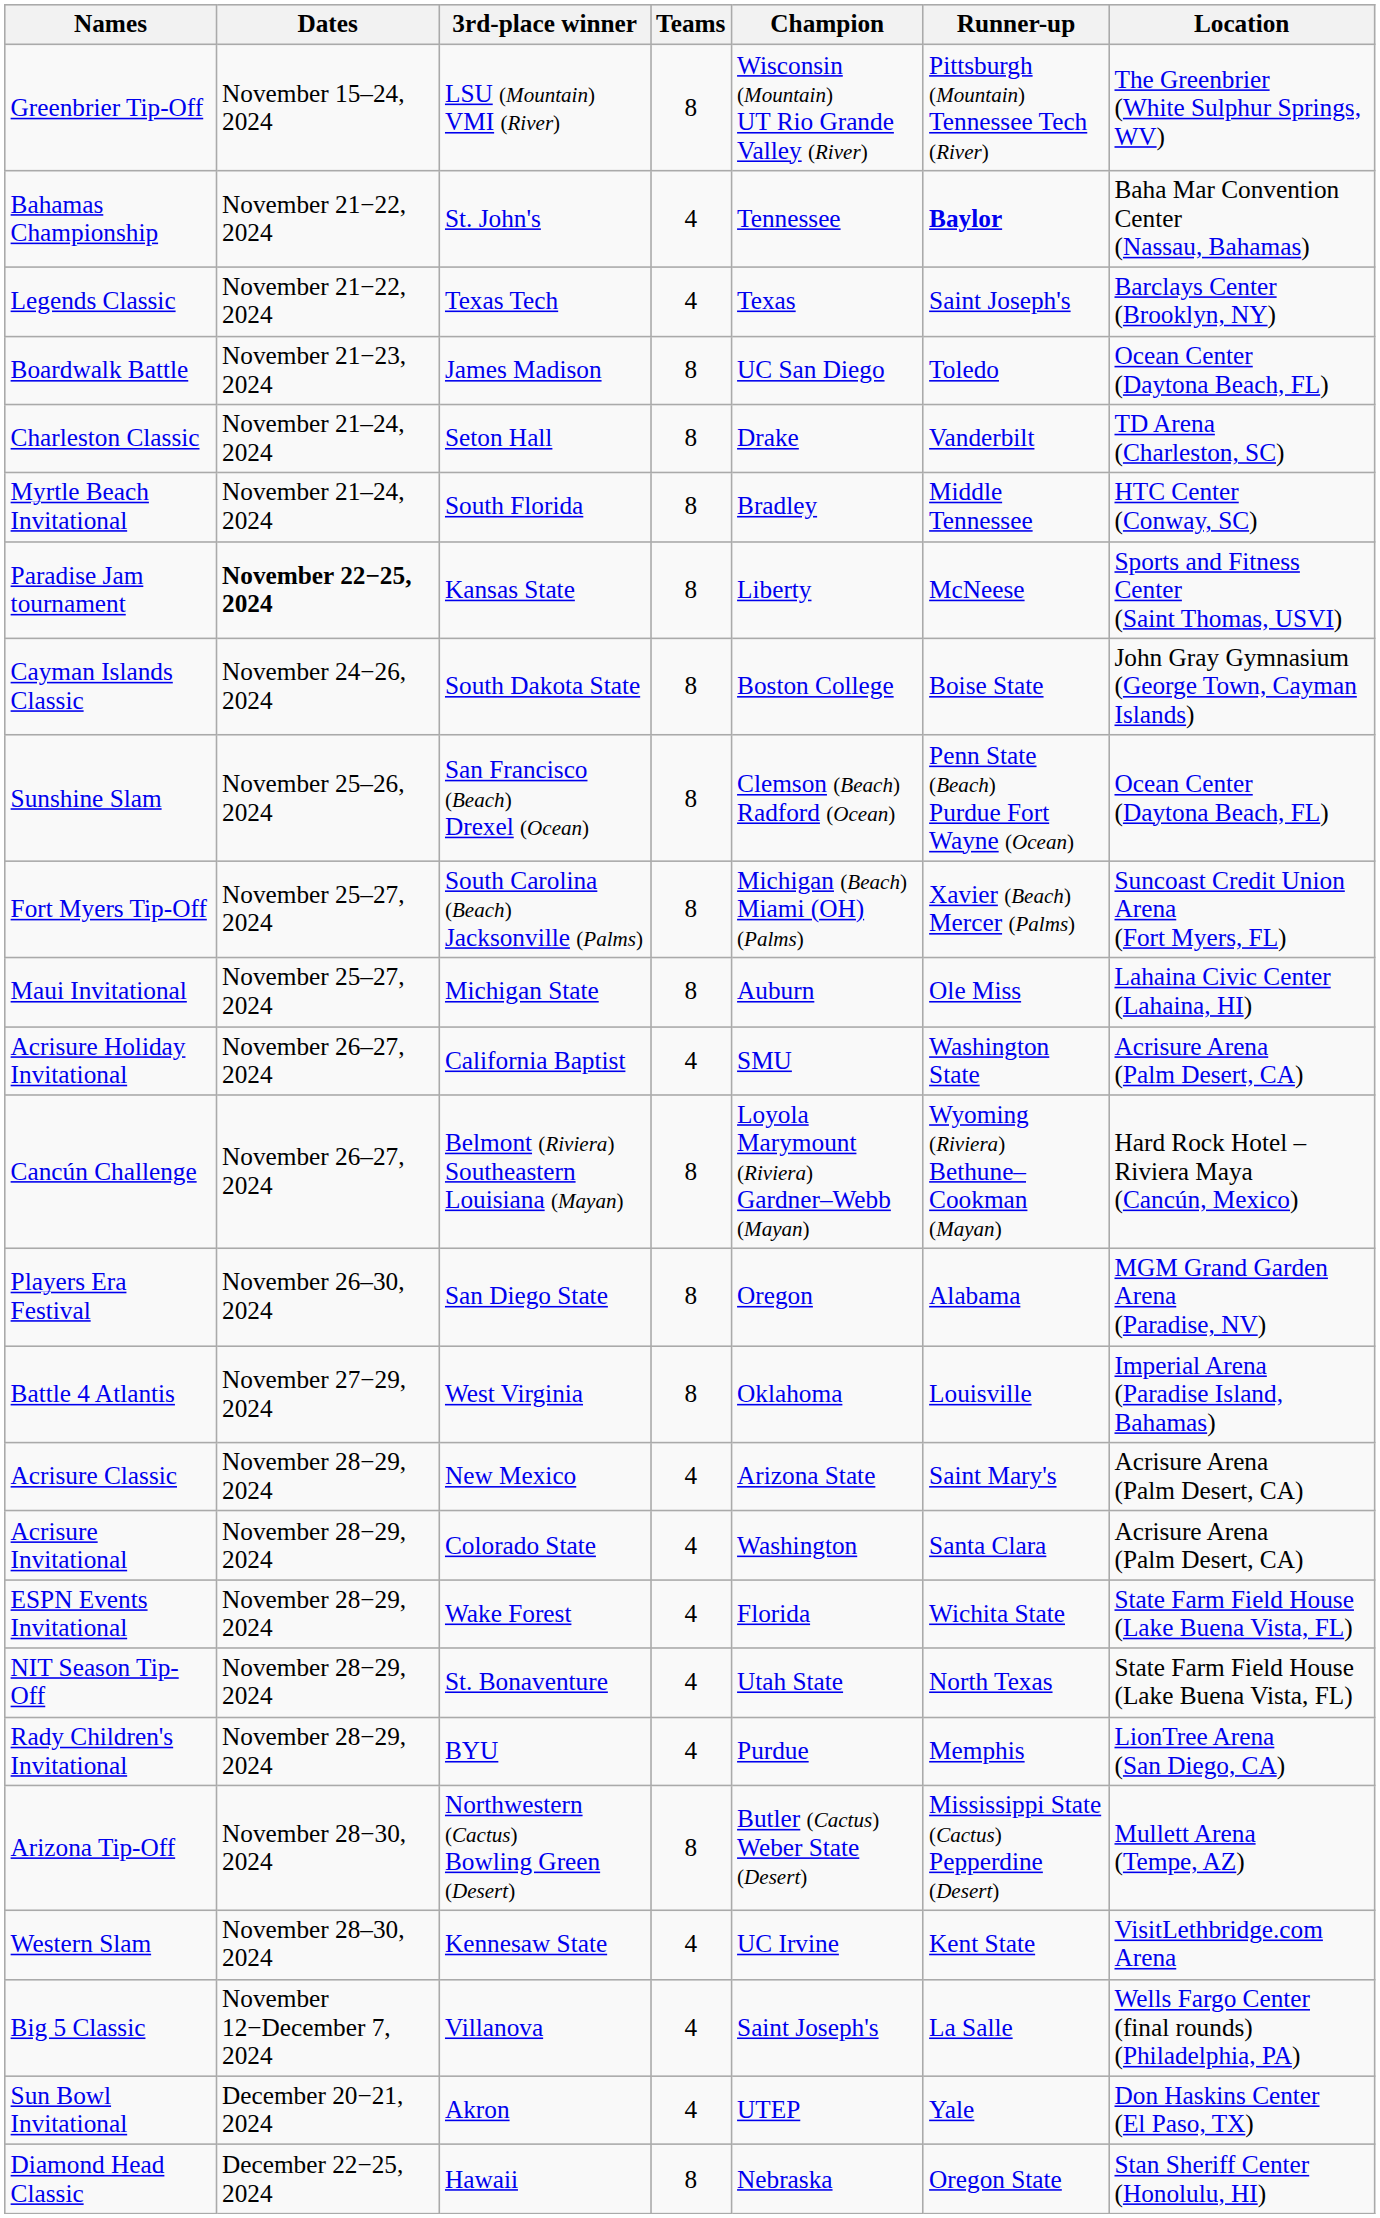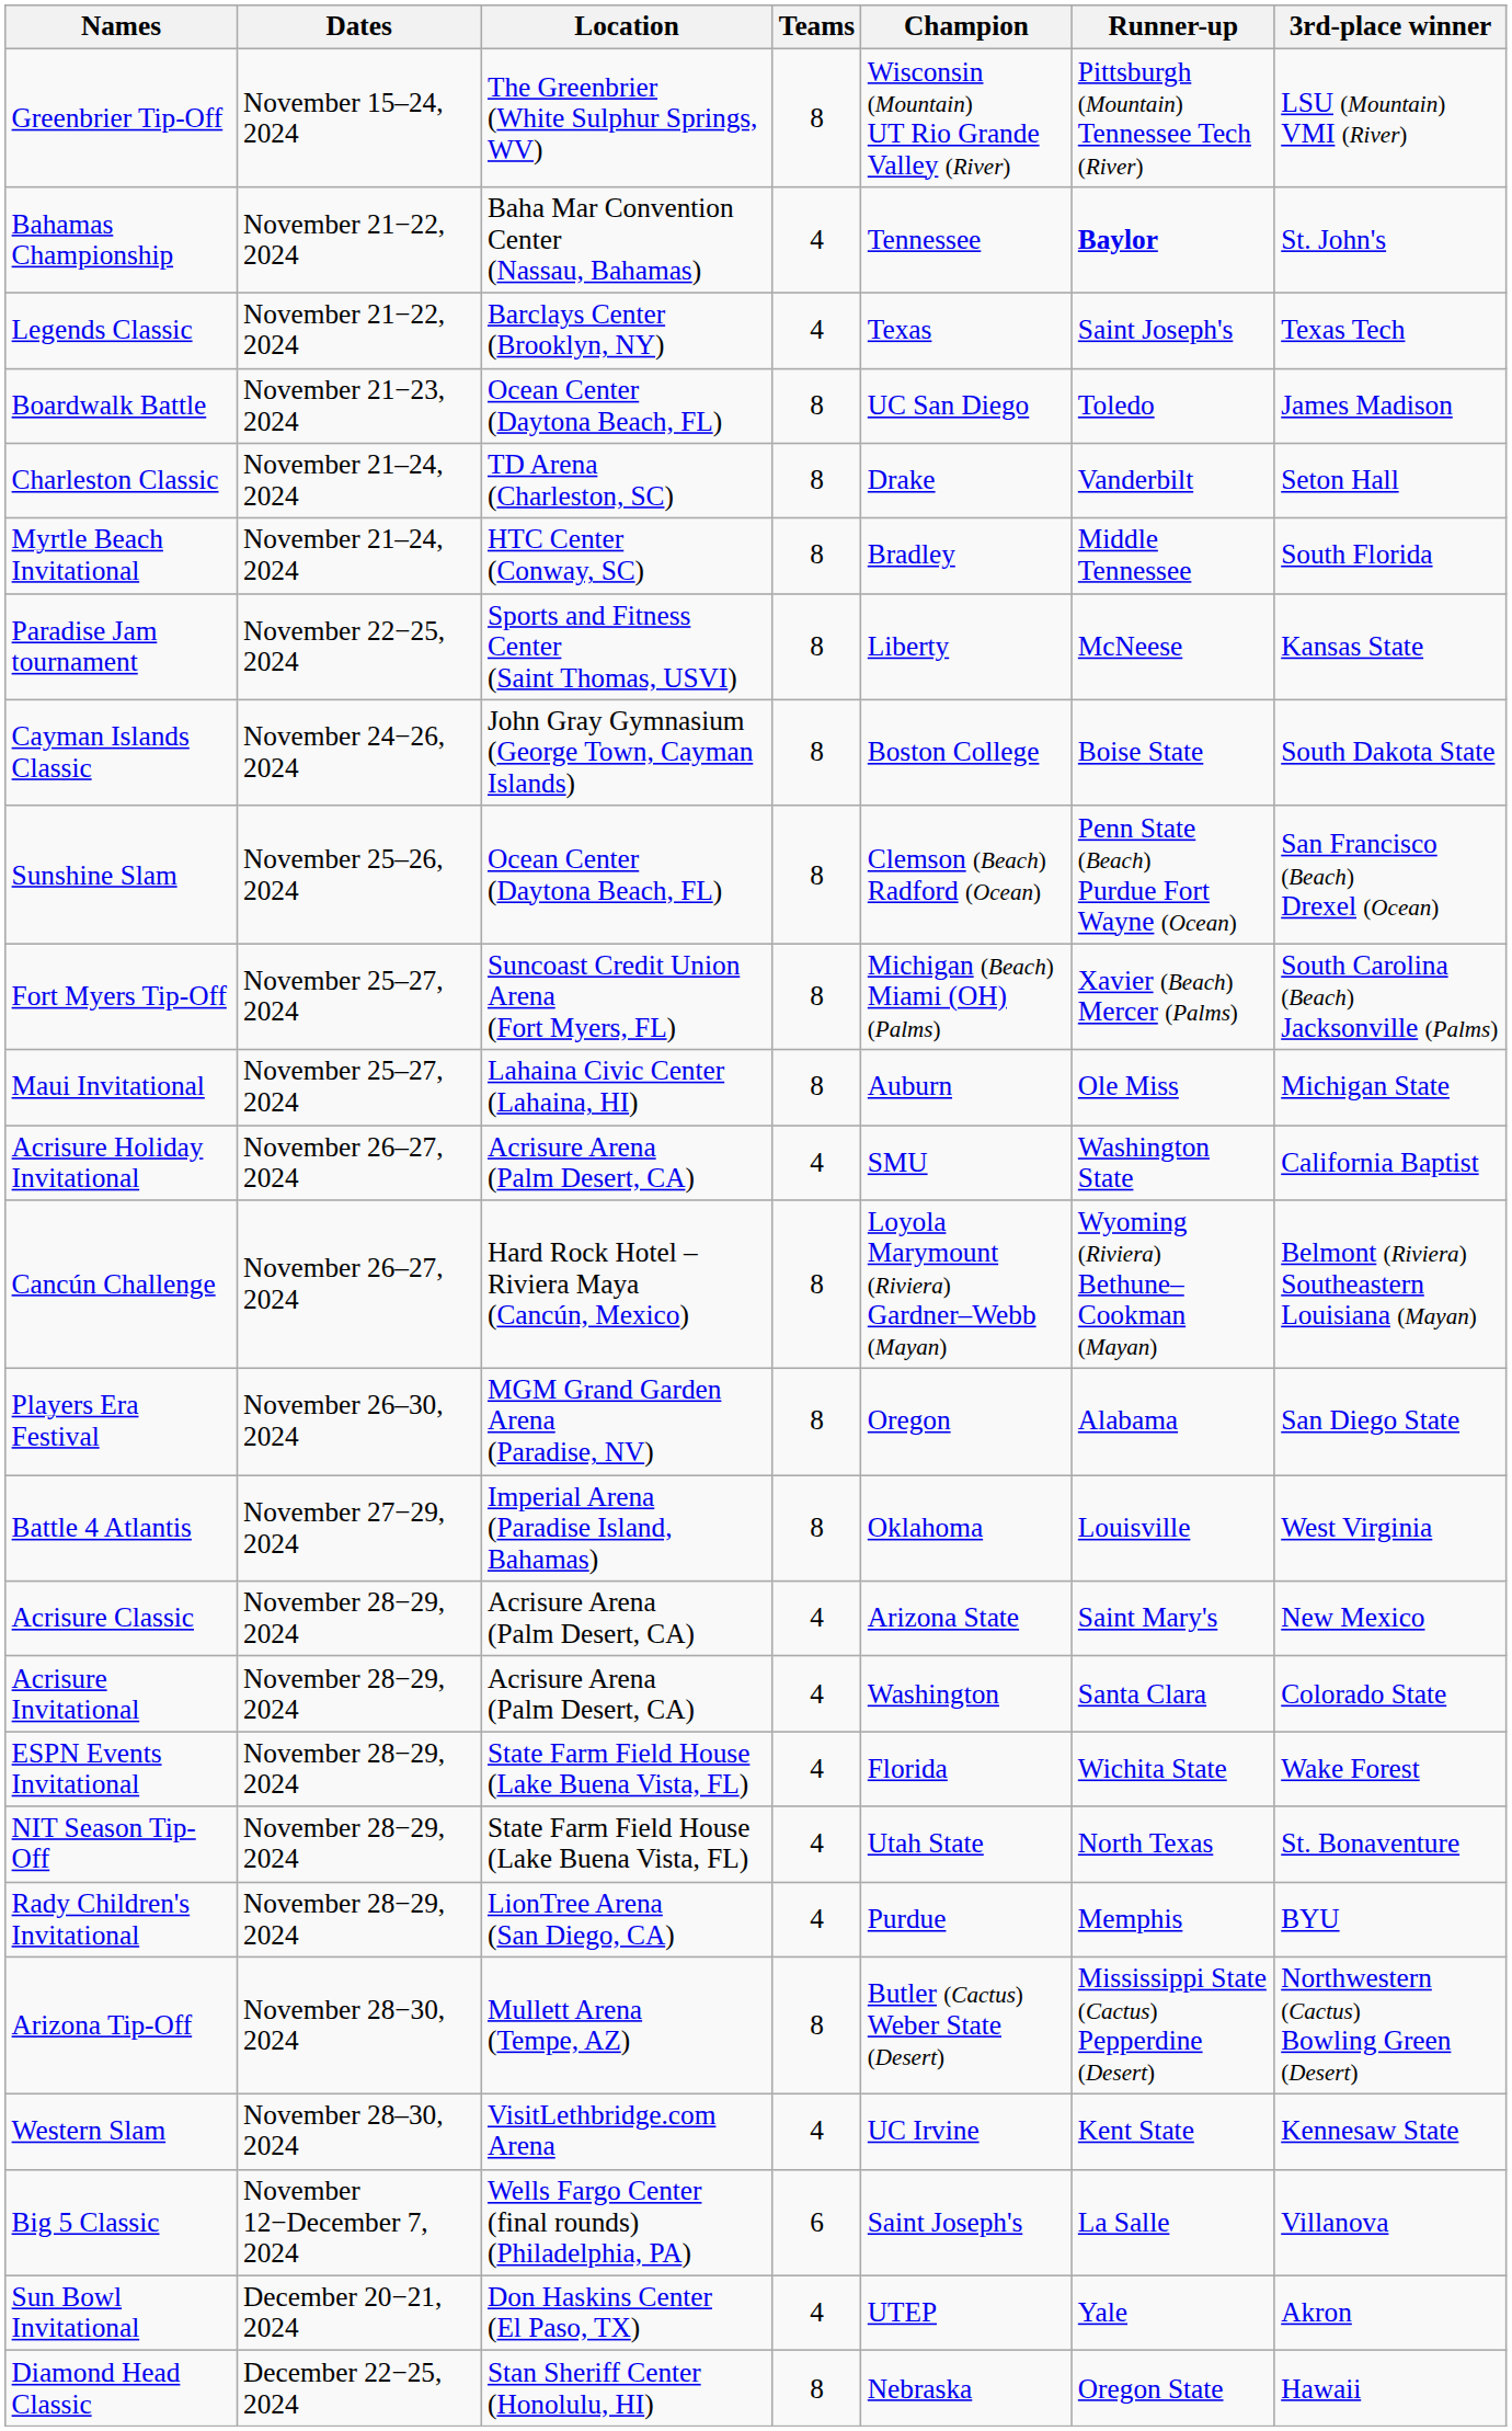 <table class="wikitable">
 <tr>
 <th>Names</th>
 <th>Dates</th>
-<th>3rd-place winner</th>
+<th>Location</th>
 <th>Teams</th>
 <th>Champion</th>
 <th>Runner-up</th>
-<th>Location</th>
+<th>3rd-place winner</th>
 </tr>
 <tr>
 <td><a href='#'>Greenbrier Tip-Off</a></td>
 <td>November 15–24, 2024</td>
-<td><a href='#'>LSU</a> <small>(<em>Mountain</em>)</small><br><a href='#'>VMI</a> <small>(<em>River</em>)</small></td>
+<td><a href='#'>The Greenbrier</a><br>(<a href='#'>White Sulphur Springs, WV</a>)</td>
 <td align=center>8</td>
 <td><a href='#'>Wisconsin</a> <small>(<em>Mountain</em>)</small><br><a href='#'>UT Rio Grande Valley</a> <small>(<em>River</em>)</small></td>
 <td><a href='#'>Pittsburgh</a> <small>(<em>Mountain</em>)</small><br><a href='#'>Tennessee Tech</a> <small>(<em>River</em>)</small></td>
-<td><a href='#'>The Greenbrier</a><br>(<a href='#'>White Sulphur Springs, WV</a>)</td>
+<td><a href='#'>LSU</a> <small>(<em>Mountain</em>)</small><br><a href='#'>VMI</a> <small>(<em>River</em>)</small></td>
 </tr>
 <tr>
 <td><a href='#'>Bahamas Championship</a></td>
 <td>November 21−22, 2024</td>
-<td><a href='#'>St. John's</a></td>
+<td>Baha Mar Convention Center<br>(<a href='#'>Nassau, Bahamas</a>)</td>
 <td align=center>4</td>
 <td><a href='#'>Tennessee</a></td>
 <td><strong><a href='#'>Baylor</a></strong></td>
-<td>Baha Mar Convention Center<br>(<a href='#'>Nassau, Bahamas</a>)</td>
+<td><a href='#'>St. John's</a></td>
 </tr>
 <tr>
 <td><a href='#'>Legends Classic</a></td>
 <td>November 21−22, 2024</td>
-<td><a href='#'>Texas Tech</a></td>
+<td><a href='#'>Barclays Center</a><br>(<a href='#'>Brooklyn, NY</a>)</td>
 <td align=center>4</td>
 <td><a href='#'>Texas</a></td>
 <td><a href='#'>Saint Joseph's</a></td>
-<td><a href='#'>Barclays Center</a><br>(<a href='#'>Brooklyn, NY</a>)</td>
+<td><a href='#'>Texas Tech</a></td>
 </tr>
 <tr>
 <td><a href='#'>Boardwalk Battle</a></td>
 <td>November 21−23, 2024</td>
-<td><a href='#'>James Madison</a></td>
+<td><a href='#'>Ocean Center</a><br>(<a href='#'>Daytona Beach, FL</a>)</td>
 <td align=center>8</td>
 <td><a href='#'>UC San Diego</a></td>
 <td><a href='#'>Toledo</a></td>
-<td><a href='#'>Ocean Center</a><br>(<a href='#'>Daytona Beach, FL</a>)</td>
+<td><a href='#'>James Madison</a></td>
 </tr>
 <tr>
 <td><a href='#'>Charleston Classic</a></td>
 <td>November 21–24, 2024</td>
-<td><a href='#'>Seton Hall</a></td>
+<td><a href='#'>TD Arena</a><br>(<a href='#'>Charleston, SC</a>)</td>
 <td align=center>8</td>
 <td><a href='#'>Drake</a></td>
 <td><a href='#'>Vanderbilt</a></td>
-<td><a href='#'>TD Arena</a><br>(<a href='#'>Charleston, SC</a>)</td>
+<td><a href='#'>Seton Hall</a></td>
 </tr>
 <tr>
 <td><a href='#'>Myrtle Beach Invitational</a></td>
 <td>November 21–24, 2024</td>
-<td><a href='#'>South Florida</a></td>
+<td><a href='#'>HTC Center</a><br>(<a href='#'>Conway, SC</a>)</td>
 <td align=center>8</td>
 <td><a href='#'>Bradley</a></td>
 <td><a href='#'>Middle Tennessee</a></td>
-<td><a href='#'>HTC Center</a><br>(<a href='#'>Conway, SC</a>)</td>
+<td><a href='#'>South Florida</a></td>
 </tr>
 <tr>
 <td><a href='#'>Paradise Jam tournament</a></td>
-<td><strong>November 22−25, 2024</strong></td>
-<td><a href='#'>Kansas State</a></td>
+<td>November 22−25, 2024</td>
+<td><a href='#'>Sports and Fitness Center</a><br>(<a href='#'>Saint Thomas, USVI</a>)</td>
 <td align=center>8</td>
 <td><a href='#'>Liberty</a></td>
 <td><a href='#'>McNeese</a></td>
-<td><a href='#'>Sports and Fitness Center</a><br>(<a href='#'>Saint Thomas, USVI</a>)</td>
+<td><a href='#'>Kansas State</a></td>
 </tr>
 <tr>
 <td><a href='#'>Cayman Islands Classic</a></td>
 <td>November 24−26, 2024</td>
-<td><a href='#'>South Dakota State</a></td>
+<td>John Gray Gymnasium<br>(<a href='#'>George Town, Cayman Islands</a>)</td>
 <td align=center>8</td>
 <td><a href='#'>Boston College</a></td>
 <td><a href='#'>Boise State</a></td>
-<td>John Gray Gymnasium<br>(<a href='#'>George Town, Cayman Islands</a>)</td>
+<td><a href='#'>South Dakota State</a></td>
 </tr>
 <tr>
 <td><a href='#'>Sunshine Slam</a></td>
 <td>November 25–26, 2024</td>
-<td><a href='#'>San Francisco</a> <small>(<em>Beach</em>)</small><br><a href='#'>Drexel</a> <small>(<em>Ocean</em>)</small></td>
+<td><a href='#'>Ocean Center</a><br>(<a href='#'>Daytona Beach, FL</a>)</td>
 <td align=center>8</td>
 <td><a href='#'>Clemson</a> <small>(<em>Beach</em>)</small><br><a href='#'>Radford</a> <small>(<em>Ocean</em>)</small></td>
 <td><a href='#'>Penn State</a> <small>(<em>Beach</em>)</small><br><a href='#'>Purdue Fort Wayne</a> <small>(<em>Ocean</em>)</small></td>
-<td><a href='#'>Ocean Center</a><br>(<a href='#'>Daytona Beach, FL</a>)</td>
+<td><a href='#'>San Francisco</a> <small>(<em>Beach</em>)</small><br><a href='#'>Drexel</a> <small>(<em>Ocean</em>)</small></td>
 </tr>
 <tr>
 <td><a href='#'>Fort Myers Tip-Off</a></td>
 <td>November 25–27, 2024</td>
-<td><a href='#'>South Carolina</a> <small>(<em>Beach</em>)</small><br> <a href='#'>Jacksonville</a> <small>(<em>Palms</em>)</small></td>
+<td><a href='#'>Suncoast Credit Union Arena</a><br>(<a href='#'>Fort Myers, FL</a>)</td>
 <td align=center>8</td>
 <td><a href='#'>Michigan</a> <small>(<em>Beach</em>)</small><br><a href='#'>Miami (OH)</a> <small>(<em>Palms</em>)</small></td>
 <td><a href='#'>Xavier</a> <small>(<em>Beach</em>)</small><br> <a href='#'>Mercer</a> <small>(<em>Palms</em>)</small></td>
-<td><a href='#'>Suncoast Credit Union Arena</a><br>(<a href='#'>Fort Myers, FL</a>)</td>
+<td><a href='#'>South Carolina</a> <small>(<em>Beach</em>)</small><br> <a href='#'>Jacksonville</a> <small>(<em>Palms</em>)</small></td>
 </tr>
 <tr>
 <td><a href='#'>Maui Invitational</a></td>
 <td>November 25–27, 2024</td>
-<td><a href='#'>Michigan State</a></td>
+<td><a href='#'>Lahaina Civic Center</a><br>(<a href='#'>Lahaina, HI</a>)</td>
 <td align=center>8</td>
 <td><a href='#'>Auburn</a></td>
 <td><a href='#'>Ole Miss</a></td>
-<td><a href='#'>Lahaina Civic Center</a><br>(<a href='#'>Lahaina, HI</a>)</td>
+<td><a href='#'>Michigan State</a></td>
 </tr>
 <tr>
 <td><a href='#'>Acrisure Holiday Invitational</a></td>
 <td>November 26–27, 2024</td>
-<td><a href='#'>California Baptist</a></td>
+<td><a href='#'>Acrisure Arena</a><br>(<a href='#'>Palm Desert, CA</a>)</td>
 <td align=center>4</td>
 <td><a href='#'>SMU</a></td>
 <td><a href='#'>Washington State</a></td>
-<td><a href='#'>Acrisure Arena</a><br>(<a href='#'>Palm Desert, CA</a>)</td>
+<td><a href='#'>California Baptist</a></td>
 </tr>
 <tr>
 <td><a href='#'>Cancún Challenge</a></td>
 <td>November 26–27, 2024</td>
-<td><a href='#'>Belmont</a> <small>(<em>Riviera</em>)</small><br><a href='#'>Southeastern Louisiana</a> <small>(<em>Mayan</em>)</small></td>
+<td>Hard Rock Hotel – Riviera Maya<br>(<a href='#'>Cancún, Mexico</a>)</td>
 <td align=center>8</td>
 <td><a href='#'>Loyola Marymount</a> <small>(<em>Riviera</em>)</small><br><a href='#'>Gardner–Webb</a> <small>(<em>Mayan</em>)</small></td>
 <td><a href='#'>Wyoming</a> <small>(<em>Riviera</em>)</small><br><a href='#'>Bethune–Cookman</a> <small>(<em>Mayan</em>)</small></td>
-<td>Hard Rock Hotel – Riviera Maya<br>(<a href='#'>Cancún, Mexico</a>)</td>
+<td><a href='#'>Belmont</a> <small>(<em>Riviera</em>)</small><br><a href='#'>Southeastern Louisiana</a> <small>(<em>Mayan</em>)</small></td>
 </tr>
 <tr>
 <td><a href='#'>Players Era Festival</a></td>
 <td>November 26–30, 2024</td>
-<td><a href='#'>San Diego State</a></td>
+<td><a href='#'>MGM Grand Garden Arena</a><br>(<a href='#'>Paradise, NV</a>)</td>
 <td align=center>8</td>
 <td><a href='#'>Oregon</a></td>
 <td><a href='#'>Alabama</a></td>
-<td><a href='#'>MGM Grand Garden Arena</a><br>(<a href='#'>Paradise, NV</a>)</td>
+<td><a href='#'>San Diego State</a></td>
 </tr>
 <tr>
 <td><a href='#'>Battle 4 Atlantis</a></td>
 <td>November 27−29, 2024</td>
-<td><a href='#'>West Virginia</a></td>
+<td><a href='#'>Imperial Arena</a><br>(<a href='#'>Paradise Island, Bahamas</a>)</td>
 <td align="center">8</td>
 <td><a href='#'>Oklahoma</a></td>
 <td><a href='#'>Louisville</a></td>
-<td><a href='#'>Imperial Arena</a><br>(<a href='#'>Paradise Island, Bahamas</a>)</td>
+<td><a href='#'>West Virginia</a></td>
 </tr>
 <tr>
 <td><a href='#'>Acrisure Classic</a></td>
 <td>November 28−29, 2024</td>
-<td><a href='#'>New Mexico</a></td>
+<td>Acrisure Arena<br>(Palm Desert, CA)</td>
 <td align=center>4</td>
 <td><a href='#'>Arizona State</a></td>
 <td><a href='#'>Saint Mary's</a></td>
-<td>Acrisure Arena<br>(Palm Desert, CA)</td>
+<td><a href='#'>New Mexico</a></td>
 </tr>
 <tr>
 <td><a href='#'>Acrisure Invitational</a></td>
 <td>November 28−29, 2024</td>
-<td><a href='#'>Colorado State</a></td>
+<td>Acrisure Arena<br>(Palm Desert, CA)</td>
 <td align=center>4</td>
 <td><a href='#'>Washington</a></td>
 <td><a href='#'>Santa Clara</a></td>
-<td>Acrisure Arena<br>(Palm Desert, CA)</td>
+<td><a href='#'>Colorado State</a></td>
 </tr>
 <tr>
 <td><a href='#'>ESPN Events Invitational</a></td>
 <td>November 28−29, 2024</td>
-<td><a href='#'>Wake Forest</a></td>
+<td><a href='#'>State Farm Field House</a><br>(<a href='#'>Lake Buena Vista, FL</a>)</td>
 <td align=center>4</td>
 <td><a href='#'>Florida</a></td>
 <td><a href='#'>Wichita State</a></td>
-<td><a href='#'>State Farm Field House</a><br>(<a href='#'>Lake Buena Vista, FL</a>)</td>
+<td><a href='#'>Wake Forest</a></td>
 </tr>
 <tr>
 <td><a href='#'>NIT Season Tip-Off</a></td>
 <td>November 28−29, 2024</td>
-<td><a href='#'>St. Bonaventure</a></td>
+<td>State Farm Field House<br>(Lake Buena Vista, FL)</td>
 <td align=center>4</td>
 <td><a href='#'>Utah State</a></td>
 <td><a href='#'>North Texas</a></td>
-<td>State Farm Field House<br>(Lake Buena Vista, FL)</td>
+<td><a href='#'>St. Bonaventure</a></td>
 </tr>
 <tr>
 <td><a href='#'>Rady Children's Invitational</a></td>
 <td>November 28−29, 2024</td>
-<td><a href='#'>BYU</a></td>
+<td><a href='#'>LionTree Arena</a><br>(<a href='#'>San Diego, CA</a>)</td>
 <td align=center>4</td>
 <td><a href='#'>Purdue</a></td>
 <td><a href='#'>Memphis</a></td>
-<td><a href='#'>LionTree Arena</a><br>(<a href='#'>San Diego, CA</a>)</td>
+<td><a href='#'>BYU</a></td>
 </tr>
 <tr>
 <td><a href='#'>Arizona Tip-Off</a></td>
 <td>November 28−30, 2024</td>
-<td><a href='#'>Northwestern</a> <small>(<em>Cactus</em>)</small><br><a href='#'>Bowling Green</a> <small>(<em>Desert</em>)</small></td>
+<td><a href='#'>Mullett Arena</a><br>(<a href='#'>Tempe, AZ</a>)</td>
 <td align=center>8</td>
 <td><a href='#'>Butler</a> <small>(<em>Cactus</em>)</small><br><a href='#'>Weber State</a> <small>(<em>Desert</em>)</small></td>
 <td><a href='#'>Mississippi State</a> <small>(<em>Cactus</em>)</small><br><a href='#'>Pepperdine</a> <small>(<em>Desert</em>)</small></td>
-<td><a href='#'>Mullett Arena</a><br>(<a href='#'>Tempe, AZ</a>)</td>
+<td><a href='#'>Northwestern</a> <small>(<em>Cactus</em>)</small><br><a href='#'>Bowling Green</a> <small>(<em>Desert</em>)</small></td>
 </tr>
 <tr>
 <td><a href='#'>Western Slam</a></td>
 <td>November 28–30, 2024</td>
-<td><a href='#'>Kennesaw State</a></td>
+<td><a href='#'>VisitLethbridge.com Arena</a></td>
 <td align=center>4</td>
 <td><a href='#'>UC Irvine</a></td>
 <td><a href='#'>Kent State</a></td>
-<td><a href='#'>VisitLethbridge.com Arena</a></td>
+<td><a href='#'>Kennesaw State</a></td>
 </tr>
 <tr>
 <td><a href='#'>Big 5 Classic</a></td>
 <td>November 12−December 7, 2024</td>
-<td><a href='#'>Villanova</a></td>
-<td align=center>4</td>
+<td><a href='#'>Wells Fargo Center</a> (final rounds)<br>(<a href='#'>Philadelphia, PA</a>)</td>
+<td align=center>6</td>
 <td><a href='#'>Saint Joseph's</a></td>
 <td><a href='#'>La Salle</a></td>
-<td><a href='#'>Wells Fargo Center</a> (final rounds)<br>(<a href='#'>Philadelphia, PA</a>)</td>
+<td><a href='#'>Villanova</a></td>
 </tr>
 <tr>
 <td><a href='#'>Sun Bowl Invitational</a></td>
 <td>December 20−21, 2024</td>
-<td><a href='#'>Akron</a></td>
+<td><a href='#'>Don Haskins Center</a><br>(<a href='#'>El Paso, TX</a>)</td>
 <td align=center>4</td>
 <td><a href='#'>UTEP</a></td>
 <td><a href='#'>Yale</a></td>
-<td><a href='#'>Don Haskins Center</a><br>(<a href='#'>El Paso, TX</a>)</td>
+<td><a href='#'>Akron</a></td>
 </tr>
 <tr>
 <td><a href='#'>Diamond Head Classic</a></td>
 <td>December 22−25, 2024</td>
-<td><a href='#'>Hawaii</a></td>
+<td><a href='#'>Stan Sheriff Center</a><br>(<a href='#'>Honolulu, HI</a>)</td>
 <td align=center>8</td>
 <td><a href='#'>Nebraska</a></td>
 <td><a href='#'>Oregon State</a></td>
-<td><a href='#'>Stan Sheriff Center</a><br>(<a href='#'>Honolulu, HI</a>)</td>
+<td><a href='#'>Hawaii</a></td>
 </tr>
 </table>
